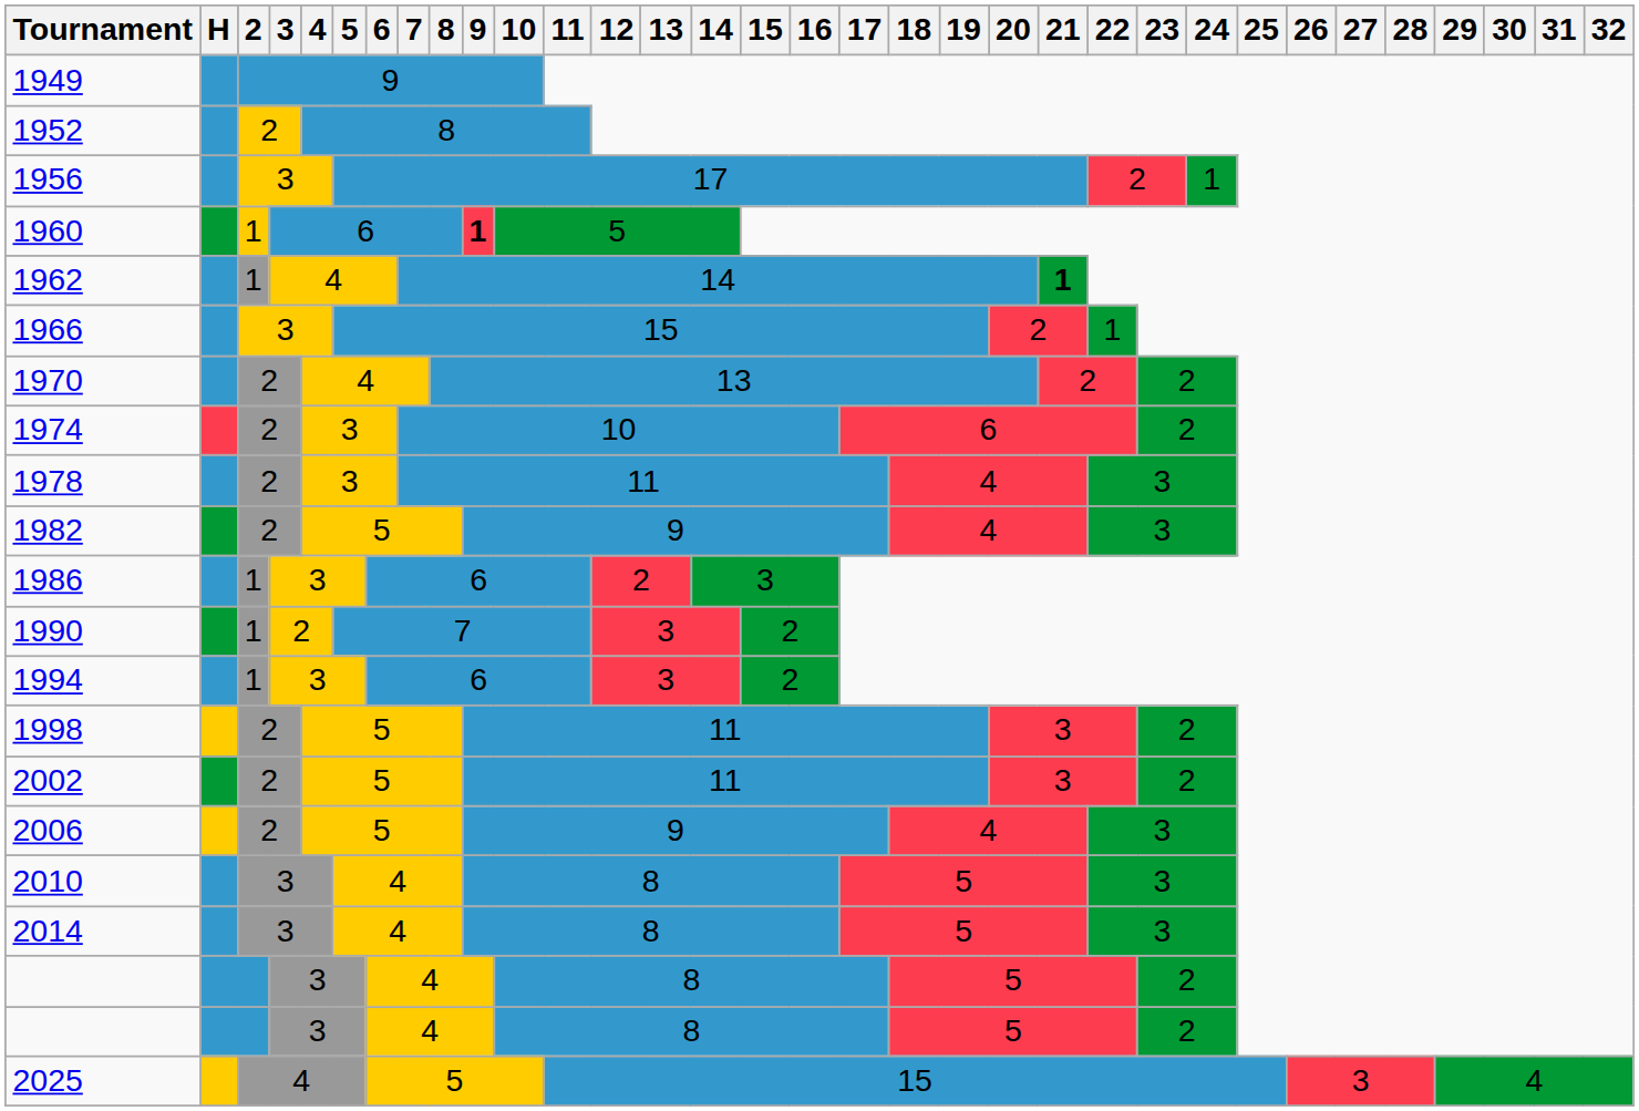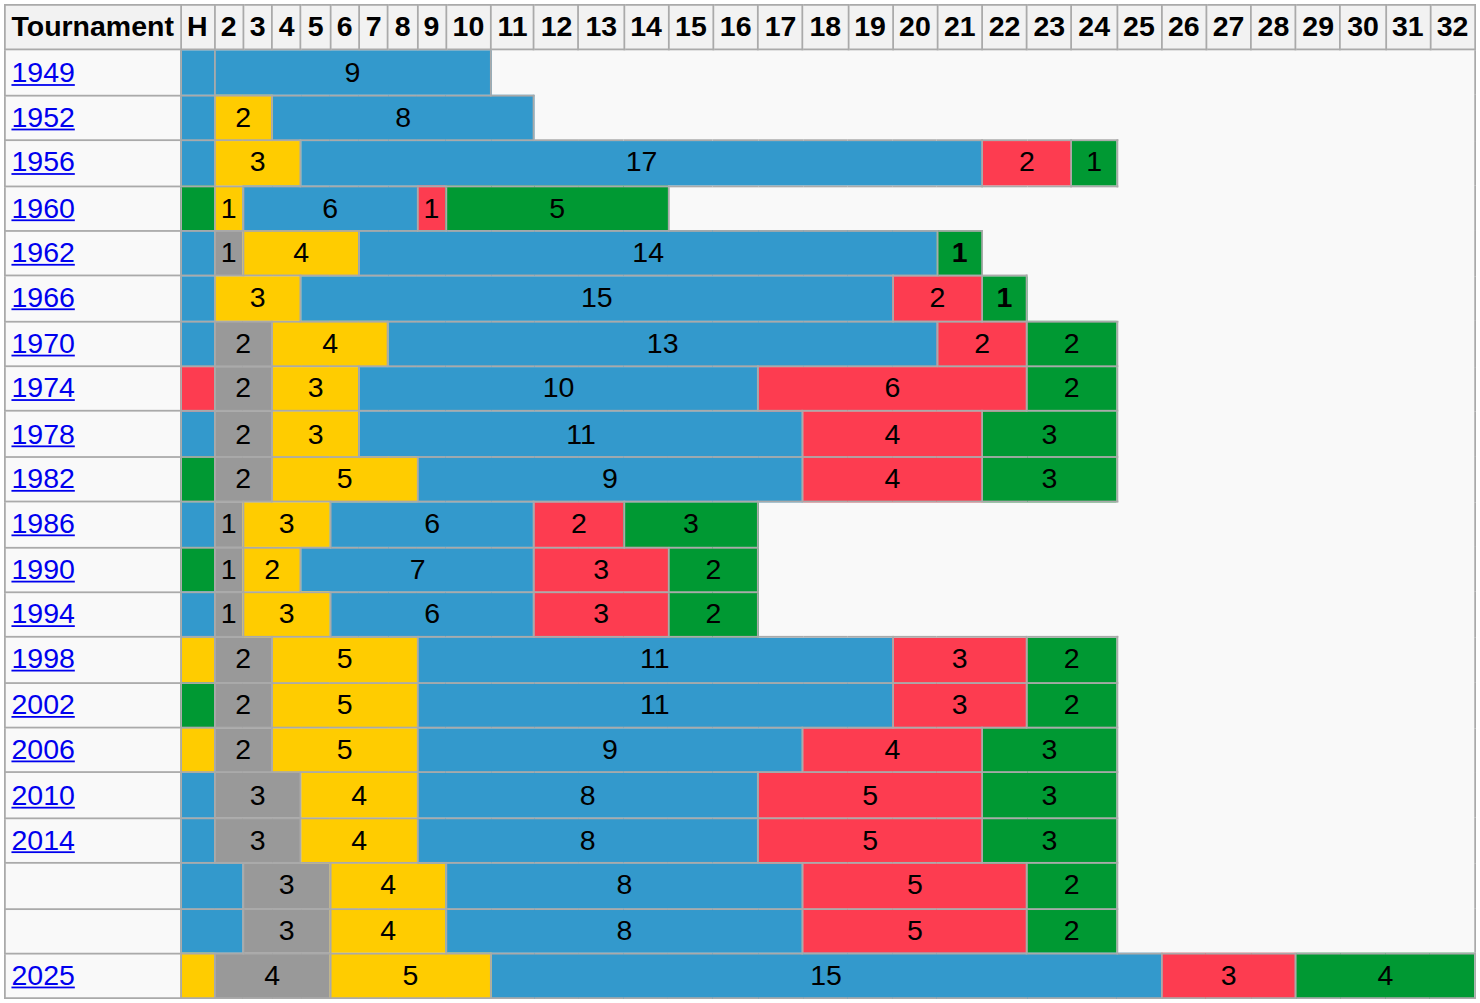 <table class=wikitable style="text-align:center">
 <tr>
 <th>Tournament</th>
 <th width=20px>H</th>
 <th width=20px>2</th>
 <th width=20px>3</th>
 <th width=20px>4</th>
 <th width=20px>5</th>
 <th width=20px>6</th>
 <th width=20px>7</th>
 <th width=20px>8</th>
 <th width=20px>9</th>
 <th width=20px>10</th>
 <th width=20px>11</th>
 <th width=20px>12</th>
 <th width=20px>13</th>
 <th width=20px>14</th>
 <th width=20px>15</th>
 <th width=20px>16</th>
 <th width=20px>17</th>
 <th width=20px>18</th>
 <th width=20px>19</th>
 <th width=20px>20</th>
 <th width=20px>21</th>
 <th width=20px>22</th>
 <th width=20px>23</th>
 <th width=20px>24</th>
 <th width=20px>25</th>
 <th width=20px>26</th>
 <th width=20px>27</th>
 <th width=20px>28</th>
 <th width=20px>29</th>
 <th width=20px>30</th>
 <th width=20px>31</th>
 <th width=20px>32</th>
 </tr>
 <tr>
 <td align=left> <a href='#'>1949</a></td>
 <td bgcolor=#3399cc></td>
 <td colspan=9 bgcolor=#3399cc>9</td>
 </tr>
 <tr>
 <td align=left> <a href='#'>1952</a></td>
 <td bgcolor=#3399cc></td>
 <td colspan=2 bgcolor=#ffcc00>2</td>
 <td colspan=8 bgcolor=#3399cc>8</td>
 </tr>
 <tr>
 <td align=left> <a href='#'>1956</a></td>
 <td bgcolor=#3399cc></td>
 <td colspan=3 bgcolor=#ffcc00>3</td>
 <td colspan=17 bgcolor=#3399cc>17</td>
 <td colspan=2 bgcolor=#fd3c50>2</td>
 <td colspan=1 bgcolor=#009933>1</td>
 </tr>
 <tr>
 <td align=left> <a href='#'>1960</a></td>
 <td bgcolor=#009933></td>
 <td colspan=1 bgcolor=#ffcc00>1</td>
 <td colspan=6 bgcolor=#3399cc>6</td>
-<td colspan=1 bgcolor=#fd3c50><strong>1</strong></td>
+<td colspan=1 bgcolor=#fd3c50>1</td>
 <td colspan=5 bgcolor=#009933>5</td>
 </tr>
 <tr>
 <td align=left> <a href='#'>1962</a></td>
 <td bgcolor=#3399cc></td>
 <td colspan=1 bgcolor=#999999>1</td>
 <td colspan=4 bgcolor=#ffcc00>4</td>
 <td colspan=14 bgcolor=#3399cc>14</td>
 <td colspan=1 bgcolor=#009933><strong>1</strong></td>
 </tr>
 <tr>
 <td align=left> <a href='#'>1966</a></td>
 <td bgcolor=#3399cc></td>
 <td colspan=3 bgcolor=#ffcc00>3</td>
 <td colspan=15 bgcolor=#3399cc>15</td>
 <td colspan=2 bgcolor=#fd3c50>2</td>
-<td colspan=1 bgcolor=#009933>1</td>
+<td colspan=1 bgcolor=#009933><strong>1</strong></td>
 </tr>
 <tr>
 <td align=left> <a href='#'>1970</a></td>
 <td bgcolor=#3399cc></td>
 <td colspan=2 bgcolor=#999999>2</td>
 <td colspan=4 bgcolor=#ffcc00>4</td>
 <td colspan=13 bgcolor=#3399cc>13</td>
 <td colspan=2 bgcolor=#fd3c50>2</td>
 <td colspan=2 bgcolor=#009933>2</td>
 </tr>
 <tr>
 <td align=left> <a href='#'>1974</a></td>
 <td bgcolor=fd3c50></td>
 <td colspan=2 bgcolor=#999999>2</td>
 <td colspan=3 bgcolor=#ffcc00>3</td>
 <td colspan=10 bgcolor=#3399cc>10</td>
 <td colspan=6 bgcolor=#fd3c50>6</td>
 <td colspan=2 bgcolor=#009933>2</td>
 </tr>
 <tr>
 <td align=left> <a href='#'>1978</a></td>
 <td bgcolor=#3399cc></td>
 <td colspan=2 bgcolor=#999999>2</td>
 <td colspan=3 bgcolor=#ffcc00>3</td>
 <td colspan=11 bgcolor=#3399cc>11</td>
 <td colspan=4 bgcolor=#fd3c50>4</td>
 <td colspan=3 bgcolor=#009933>3</td>
 </tr>
 <tr>
 <td align=left> <a href='#'>1982</a></td>
 <td bgcolor=#009933></td>
 <td colspan=2 bgcolor=#999999>2</td>
 <td colspan=5 bgcolor=#ffcc00>5</td>
 <td colspan=9 bgcolor=#3399cc>9</td>
 <td colspan=4 bgcolor=#fd3c50>4</td>
 <td colspan=3 bgcolor=#009933>3</td>
 </tr>
 <tr>
 <td align=left> <a href='#'>1986</a></td>
 <td bgcolor=#3399cc></td>
 <td colspan=1 bgcolor=#999999>1</td>
 <td colspan=3 bgcolor=#ffcc00>3</td>
 <td colspan=6 bgcolor=#3399cc>6</td>
 <td colspan=2 bgcolor=#fd3c50>2</td>
 <td colspan=3 bgcolor=#009933>3</td>
 </tr>
 <tr>
 <td align=left> <a href='#'>1990</a></td>
 <td bgcolor=#009933></td>
 <td colspan=1 bgcolor=#999999>1</td>
 <td colspan=2 bgcolor=#ffcc00>2</td>
 <td colspan=7 bgcolor=#3399cc>7</td>
 <td colspan=3 bgcolor=#fd3c50>3</td>
 <td colspan=2 bgcolor=#009933>2</td>
 </tr>
 <tr>
 <td align=left> <a href='#'>1994</a></td>
 <td bgcolor=#3399cc></td>
 <td colspan=1 bgcolor=#999999>1</td>
 <td colspan=3 bgcolor=#ffcc00>3</td>
 <td colspan=6 bgcolor=#3399cc>6</td>
 <td colspan=3 bgcolor=#fd3c50>3</td>
 <td colspan=2 bgcolor=#009933>2</td>
 </tr>
 <tr>
 <td align=left> <a href='#'>1998</a></td>
 <td bgcolor=#ffcc00></td>
 <td colspan=2 bgcolor=#999999>2</td>
 <td colspan=5 bgcolor=#ffcc00>5</td>
 <td colspan=11 bgcolor=#3399cc>11</td>
 <td colspan=3 bgcolor=#fd3c50>3</td>
 <td colspan=2 bgcolor=#009933>2</td>
 </tr>
 <tr>
 <td align=left> <a href='#'>2002</a></td>
 <td bgcolor=#009933></td>
 <td colspan=2 bgcolor=#999999>2</td>
 <td colspan=5 bgcolor=#ffcc00>5</td>
 <td colspan=11 bgcolor=#3399cc>11</td>
 <td colspan=3 bgcolor=#fd3c50>3</td>
 <td colspan=2 bgcolor=#009933>2</td>
 </tr>
 <tr>
 <td align=left> <a href='#'>2006</a></td>
 <td bgcolor=#ffcc00></td>
 <td colspan=2 bgcolor=#999999>2</td>
 <td colspan=5 bgcolor=#ffcc00>5</td>
 <td colspan=9 bgcolor=#3399cc>9</td>
 <td colspan=4 bgcolor=#fd3c50>4</td>
 <td colspan=3 bgcolor=#009933>3</td>
 </tr>
 <tr>
 <td align=left> <a href='#'>2010</a></td>
 <td bgcolor=#3399cc></td>
 <td colspan=3 bgcolor=#999999>3</td>
 <td colspan=4 bgcolor=#ffcc00>4</td>
 <td colspan=8 bgcolor=#3399cc>8</td>
 <td colspan=5 bgcolor=#fd3c50>5</td>
 <td colspan=3 bgcolor=#009933>3</td>
 </tr>
 <tr>
 <td align=left> <a href='#'>2014</a></td>
 <td bgcolor=#3399cc></td>
 <td colspan=3 bgcolor=#999999>3</td>
 <td colspan=4 bgcolor=#ffcc00>4</td>
 <td colspan=8 bgcolor=#3399cc>8</td>
 <td colspan=5 bgcolor=#fd3c50>5</td>
 <td colspan=3 bgcolor=#009933>3</td>
 </tr>
 <tr>
 <td align=left></td>
 <td colspan=2 bgcolor=#3399cc></td>
 <td colspan=3 bgcolor=#999999>3</td>
 <td colspan=4 bgcolor=#ffcc00>4</td>
 <td colspan=8 bgcolor=#3399cc>8</td>
 <td colspan=5 bgcolor=#fd3c50>5</td>
 <td colspan=2 bgcolor=#009933>2</td>
 </tr>
 <tr>
 <td align=left></td>
 <td colspan=2 bgcolor=#3399cc></td>
 <td colspan=3 bgcolor=#999999>3</td>
 <td colspan=4 bgcolor=#ffcc00>4</td>
 <td colspan=8 bgcolor=#3399cc>8</td>
 <td colspan=5 bgcolor=#fd3c50>5</td>
 <td colspan=2 bgcolor=#009933>2</td>
 </tr>
 <tr>
 <td align=left> <a href='#'>2025</a></td>
 <td bgcolor=#ffcc00></td>
 <td colspan=4 bgcolor=#999999>4</td>
 <td colspan=5 bgcolor=#ffcc00>5</td>
 <td colspan=15 bgcolor=#3399cc>15</td>
 <td colspan=3 bgcolor=#fd3c50>3</td>
 <td colspan=4 bgcolor=#009933>4</td>
 </tr>
 </table>
